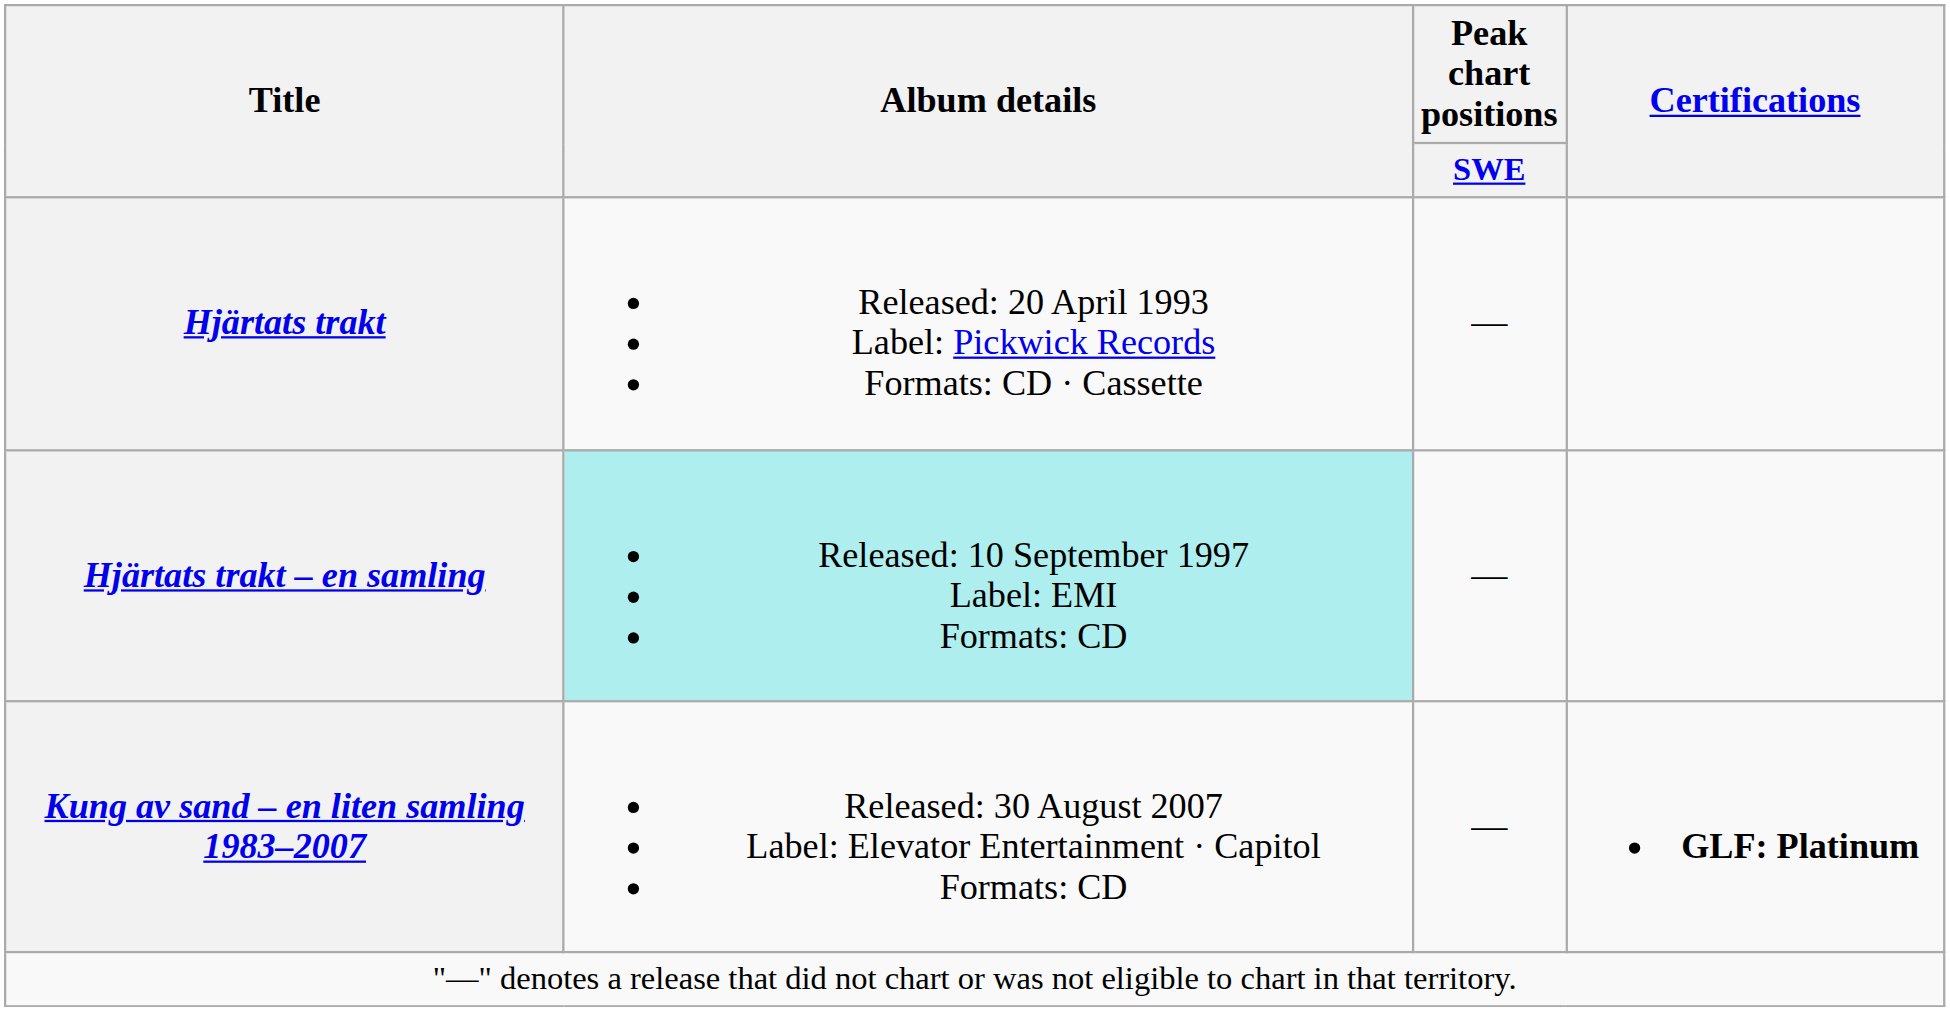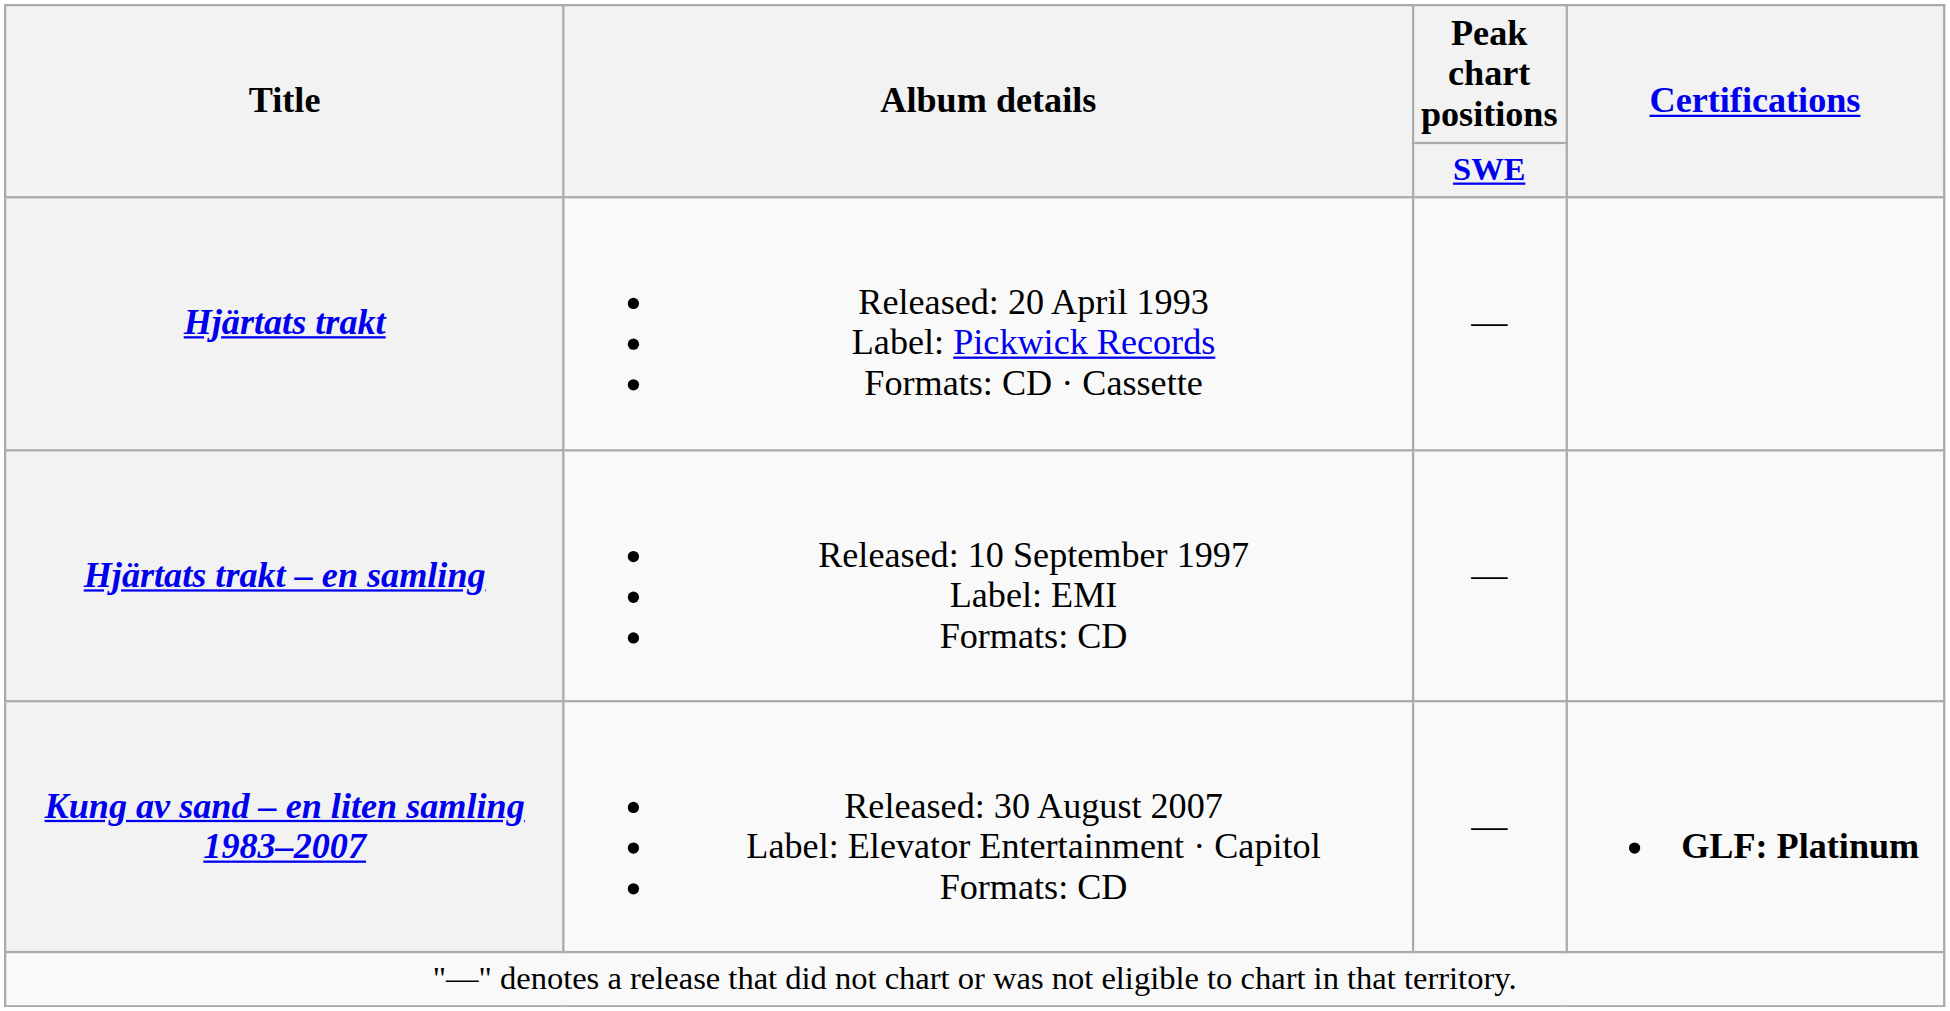 <table class="wikitable plainrowheaders" style="text-align:center;" border="1">
 <tr>
 <th scope="col" rowspan="2" style="width:15em;">Title</th>
 <th scope="col" rowspan="2" style="width:23em;">Album details</th>
 <th scope="col" colspan="1">Peak chart positions</th>
 <th scope="col" rowspan="2" style="width:10em;"><a href='#'>Certifications</a></th>
 </tr>
 <tr>
 <th scope="col" style="width:3em;font-size:90%;"><a href='#'>SWE</a><br></th>
 </tr>
 <tr>
 <th scope="row"><em><a href='#'>Hjärtats trakt</a></em></th>
 <td><br><ul><li>Released: 20 April 1993</li><li>Label: <a href='#'>Pickwick Records</a></li><li>Formats: CD · Cassette</li></ul></td>
 <td>—</td>
 <td></td>
 </tr>
 <tr>
 <th scope="row"><em><a href='#'>Hjärtats trakt – en samling</a></em></th>
-<td style="background: paleturquoise;"><br><ul><li>Released: 10 September 1997</li><li>Label: EMI</li><li>Formats: CD</li></ul></td>
+<td><br><ul><li>Released: 10 September 1997</li><li>Label: EMI</li><li>Formats: CD</li></ul></td>
 <td>—</td>
 <td></td>
 </tr>
 <tr>
 <th scope="row"><em><a href='#'>Kung av sand – en liten samling 1983–2007</a></em></th>
 <td><br><ul><li>Released: 30 August 2007</li><li>Label: Elevator Entertainment · Capitol</li><li>Formats: CD</li></ul></td>
 <td>—</td>
 <td><strong><br><ul><li>GLF: Platinum</li></ul></strong></td>
 </tr>
 <tr>
 <td colspan="5" style="font-size:90%">"—" denotes a release that did not chart or was not eligible to chart in that territory.</td>
 </tr>
 </table>
